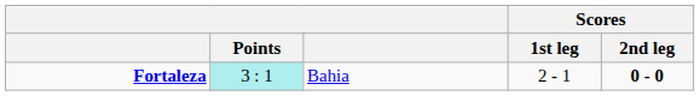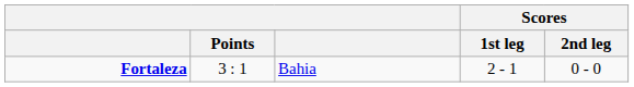 <table class="wikitable" style="text-align:center;">
 <tr>
 <th colspan=3></th>
 <th colspan=3>Scores</th>
 </tr>
 <tr>
 <th width="175"></th>
 <th width="75">Points</th>
 <th width="175"></th>
 <th width="75">1st leg</th>
 <th width="75">2nd leg</th>
 </tr>
 <tr>
 <td align=right><strong><a href='#'>Fortaleza</a></strong></td>
-<td style="background: paleturquoise;">3 : 1</td>
+<td>3 : 1</td>
 <td align=left><a href='#'>Bahia</a></td>
 <td>2 - 1</td>
-<td><strong>0 - 0</strong></td>
+<td>0 - 0</td>
 </tr>
 </table>
